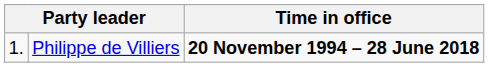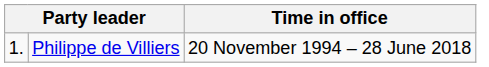 <table class="wikitable">
 <tr>
 <th colspan="2">Party leader</th>
 <th>Time in office</th>
 </tr>
 <tr>
 <td>1.</td>
 <td><a href='#'>Philippe de Villiers</a></td>
-<td><strong>20 November 1994 – 28 June 2018</strong></td>
+<td>20 November 1994 – 28 June 2018</td>
 </tr>
 </table>
